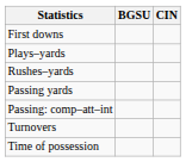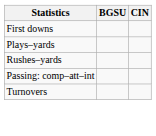 <table class="wikitable" style="float:left">
 <tr>
 <th>Statistics</th>
 <th>BGSU</th>
 <th>CIN</th>
 </tr>
 <tr>
 <td>First downs</td>
 <td></td>
 <td></td>
 </tr>
 <tr>
 <td>Plays–yards</td>
 <td></td>
 <td></td>
 </tr>
 <tr>
 <td>Rushes–yards</td>
 <td></td>
 <td></td>
 </tr>
 <tr>
-<td>Passing yards</td>
-<td></td>
-<td></td>
-</tr>
-<tr>
 <td>Passing: comp–att–int</td>
 <td></td>
 <td></td>
 </tr>
 <tr>
 <td>Turnovers</td>
 <td></td>
 <td></td>
 </tr>
-<tr>
-<td>Time of possession</td>
-<td></td>
-<td></td>
-</tr>
 </table>
